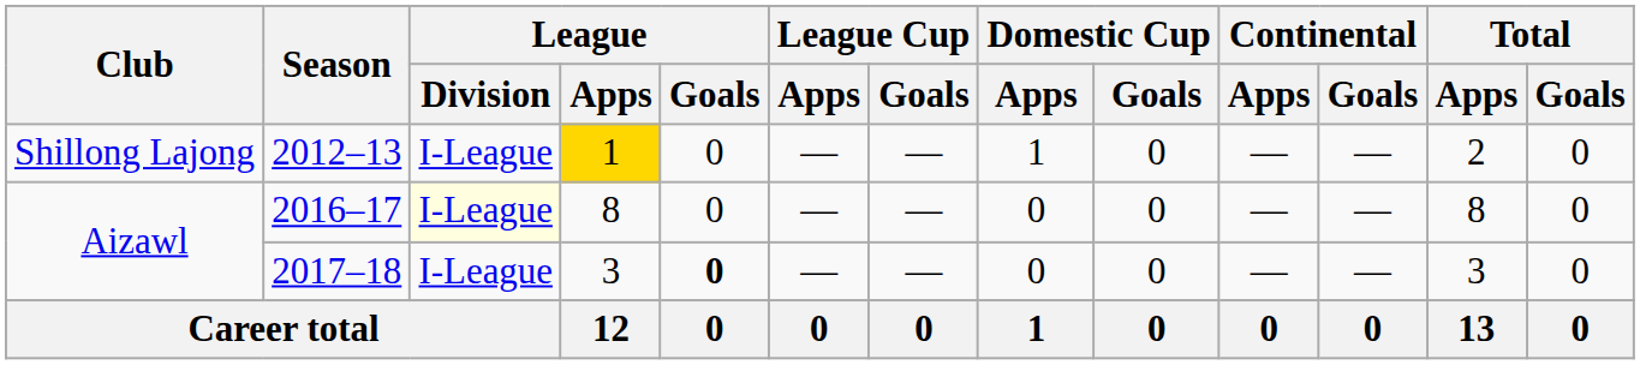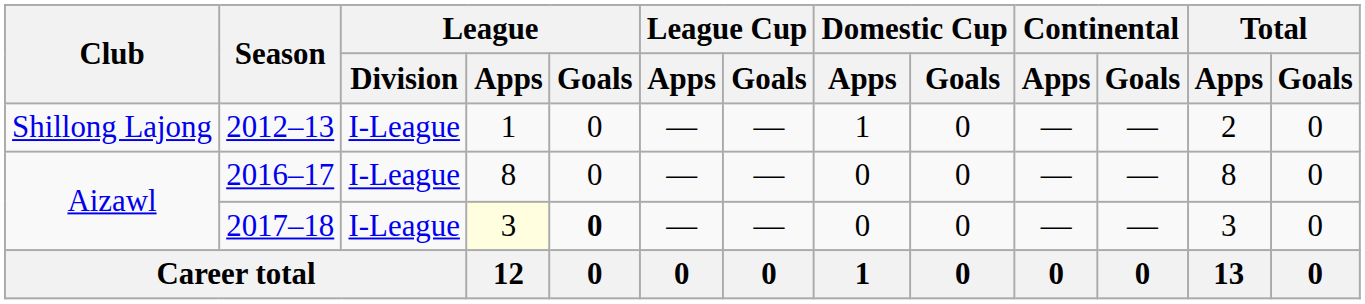 <table class="wikitable" style="text-align: center;">
 <tr>
 <th rowspan="2">Club</th>
 <th rowspan="2">Season</th>
 <th colspan="3">League</th>
 <th colspan="2">League Cup</th>
 <th colspan="2">Domestic Cup</th>
 <th colspan="2">Continental</th>
 <th colspan="2">Total</th>
 </tr>
 <tr>
 <th>Division</th>
 <th>Apps</th>
 <th>Goals</th>
 <th>Apps</th>
 <th>Goals</th>
 <th>Apps</th>
 <th>Goals</th>
 <th>Apps</th>
 <th>Goals</th>
 <th>Apps</th>
 <th>Goals</th>
 </tr>
 <tr>
 <td rowspan="1"><a href='#'>Shillong Lajong</a></td>
 <td><a href='#'>2012–13</a></td>
 <td><a href='#'>I-League</a></td>
-<td style="background: gold;">1</td>
+<td>1</td>
 <td>0</td>
 <td>—</td>
 <td>—</td>
 <td>1</td>
 <td>0</td>
 <td>—</td>
 <td>—</td>
 <td>2</td>
 <td>0</td>
 </tr>
 <tr>
 <td rowspan="2"><a href='#'>Aizawl</a></td>
 <td><a href='#'>2016–17</a></td>
-<td style="background: lightyellow;"><a href='#'>I-League</a></td>
+<td><a href='#'>I-League</a></td>
 <td>8</td>
 <td>0</td>
 <td>—</td>
 <td>—</td>
 <td>0</td>
 <td>0</td>
 <td>—</td>
 <td>—</td>
 <td>8</td>
 <td>0</td>
 </tr>
 <tr>
 <td><a href='#'>2017–18</a></td>
 <td><a href='#'>I-League</a></td>
-<td>3</td>
+<td style="background: lightyellow;">3</td>
 <td><strong>0</strong></td>
 <td>—</td>
 <td>—</td>
 <td>0</td>
 <td>0</td>
 <td>—</td>
 <td>—</td>
 <td>3</td>
 <td>0</td>
 </tr>
 <tr>
 <th colspan="3">Career total</th>
 <th>12</th>
 <th>0</th>
 <th>0</th>
 <th>0</th>
 <th>1</th>
 <th>0</th>
 <th>0</th>
 <th>0</th>
 <th>13</th>
 <th>0</th>
 </tr>
 </table>
